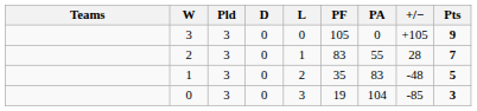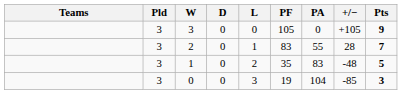 <table class="wikitable" style="text-align: center;">
 <tr>
 <th width="200">Teams</th>
+<th width="40">Pld</th>
 <th width="40">W</th>
-<th width="40">Pld</th>
 <th width="40">D</th>
 <th width="40">L</th>
 <th width="40">PF</th>
 <th width="40">PA</th>
 <th width="40">+/−</th>
 <th width="40">Pts</th>
 </tr>
 <tr>
 <td align=left></td>
 <td>3</td>
 <td>3</td>
 <td>0</td>
 <td>0</td>
 <td>105</td>
 <td>0</td>
 <td>+105</td>
 <td><strong>9</strong></td>
 </tr>
 <tr>
 <td align=left></td>
+<td>3</td>
 <td>2</td>
-<td>3</td>
 <td>0</td>
 <td>1</td>
 <td>83</td>
 <td>55</td>
 <td>28</td>
 <td><strong>7</strong></td>
 </tr>
 <tr>
 <td align=left></td>
+<td>3</td>
 <td>1</td>
-<td>3</td>
 <td>0</td>
 <td>2</td>
 <td>35</td>
 <td>83</td>
 <td>-48</td>
 <td><strong>5</strong></td>
 </tr>
 <tr>
 <td align=left></td>
+<td>3</td>
 <td>0</td>
-<td>3</td>
 <td>0</td>
 <td>3</td>
 <td>19</td>
 <td>104</td>
 <td>-85</td>
 <td><strong>3</strong></td>
 </tr>
 </table>
